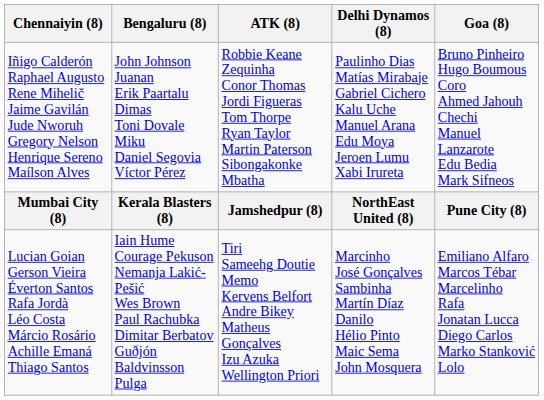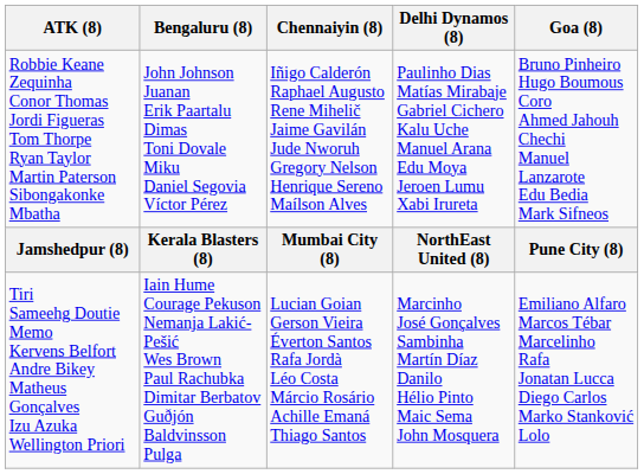 <table class="wikitable">
 <tr>
+<th style="width:170px;">ATK (8)</th>
+<th style="width:170px;">Bengaluru (8)</th>
 <th style="width:170px;">Chennaiyin (8)</th>
-<th style="width:170px;">Bengaluru (8)</th>
-<th style="width:170px;">ATK (8)</th>
 <th style="width:170px;">Delhi Dynamos (8)</th>
 <th style="width:170px;">Goa (8)</th>
 </tr>
 <tr>
+<td> <a href='#'>Robbie Keane</a><br> <a href='#'>Zequinha</a><br> <a href='#'>Conor Thomas</a><br> <a href='#'>Jordi Figueras</a><br> <a href='#'>Tom Thorpe</a><br> <a href='#'>Ryan Taylor</a><br> <a href='#'>Martin Paterson</a><br> <a href='#'>Sibongakonke Mbatha</a></td>
+<td> <a href='#'>John Johnson</a><br> <a href='#'>Juanan</a><br> <a href='#'>Erik Paartalu</a><br> <a href='#'>Dimas</a><br> <a href='#'>Toni Dovale</a><br> <a href='#'>Miku</a><br> <a href='#'>Daniel Segovia</a><br> <a href='#'>Víctor Pérez</a></td>
 <td> <a href='#'>Iñigo Calderón</a><br> <a href='#'>Raphael Augusto</a><br> <a href='#'>Rene Mihelič</a><br> <a href='#'>Jaime Gavilán</a><br> <a href='#'>Jude Nworuh</a><br> <a href='#'>Gregory Nelson</a><br> <a href='#'>Henrique Sereno</a><br> <a href='#'>Maílson Alves</a></td>
-<td> <a href='#'>John Johnson</a><br> <a href='#'>Juanan</a><br> <a href='#'>Erik Paartalu</a><br> <a href='#'>Dimas</a><br> <a href='#'>Toni Dovale</a><br> <a href='#'>Miku</a><br> <a href='#'>Daniel Segovia</a><br> <a href='#'>Víctor Pérez</a></td>
-<td> <a href='#'>Robbie Keane</a><br> <a href='#'>Zequinha</a><br> <a href='#'>Conor Thomas</a><br> <a href='#'>Jordi Figueras</a><br> <a href='#'>Tom Thorpe</a><br> <a href='#'>Ryan Taylor</a><br> <a href='#'>Martin Paterson</a><br> <a href='#'>Sibongakonke Mbatha</a></td>
 <td> <a href='#'>Paulinho Dias</a><br> <a href='#'>Matías Mirabaje</a><br> <a href='#'>Gabriel Cichero</a><br> <a href='#'>Kalu Uche</a><br> <a href='#'>Manuel Arana</a><br> <a href='#'>Edu Moya</a><br> <a href='#'>Jeroen Lumu</a><br> <a href='#'>Xabi Irureta</a></td>
 <td> <a href='#'>Bruno Pinheiro</a><br> <a href='#'>Hugo Boumous</a><br> <a href='#'>Coro</a><br> <a href='#'>Ahmed Jahouh</a><br> <a href='#'>Chechi</a><br> <a href='#'>Manuel Lanzarote</a><br> <a href='#'>Edu Bedia</a><br> <a href='#'>Mark Sifneos</a></td>
 </tr>
 <tr>
+<th style="width:170px;">Jamshedpur (8)</th>
+<th style="width:170px;">Kerala Blasters (8)</th>
 <th style="width:170px;">Mumbai City (8)</th>
-<th style="width:170px;">Kerala Blasters (8)</th>
-<th style="width:170px;">Jamshedpur (8)</th>
 <th style="width:170px;">NorthEast United (8)</th>
 <th style="width:170px;">Pune City (8)</th>
 </tr>
 <tr>
+<td> <a href='#'>Tiri</a><br> <a href='#'>Sameehg Doutie</a><br> <a href='#'>Memo</a><br>  <a href='#'>Kervens Belfort</a><br> <a href='#'>Andre Bikey</a><br> <a href='#'>Matheus Gonçalves</a><br> <a href='#'>Izu Azuka</a><br> <a href='#'>Wellington Priori</a></td>
+<td> <a href='#'>Iain Hume</a><br> <a href='#'>Courage Pekuson</a><br> <a href='#'>Nemanja Lakić-Pešić</a><br> <a href='#'>Wes Brown</a><br> <a href='#'>Paul Rachubka</a><br> <a href='#'>Dimitar Berbatov</a><br> <a href='#'>Guðjón Baldvinsson</a><br> <a href='#'>Pulga</a></td>
 <td> <a href='#'>Lucian Goian</a><br> <a href='#'>Gerson Vieira</a><br> <a href='#'>Éverton Santos</a><br> <a href='#'>Rafa Jordà</a><br> <a href='#'>Léo Costa</a><br> <a href='#'>Márcio Rosário</a><br> <a href='#'>Achille Emaná</a><br> <a href='#'>Thiago Santos</a></td>
-<td> <a href='#'>Iain Hume</a><br> <a href='#'>Courage Pekuson</a><br> <a href='#'>Nemanja Lakić-Pešić</a><br> <a href='#'>Wes Brown</a><br> <a href='#'>Paul Rachubka</a><br> <a href='#'>Dimitar Berbatov</a><br> <a href='#'>Guðjón Baldvinsson</a><br> <a href='#'>Pulga</a></td>
-<td> <a href='#'>Tiri</a><br> <a href='#'>Sameehg Doutie</a><br> <a href='#'>Memo</a><br>  <a href='#'>Kervens Belfort</a><br> <a href='#'>Andre Bikey</a><br> <a href='#'>Matheus Gonçalves</a><br> <a href='#'>Izu Azuka</a><br> <a href='#'>Wellington Priori</a></td>
 <td> <a href='#'>Marcinho</a><br> <a href='#'>José Gonçalves</a><br> <a href='#'>Sambinha</a><br> <a href='#'>Martín Díaz</a><br> <a href='#'>Danilo</a><br> <a href='#'>Hélio Pinto</a><br> <a href='#'>Maic Sema</a><br> <a href='#'>John Mosquera</a></td>
 <td> <a href='#'>Emiliano Alfaro</a><br> <a href='#'>Marcos Tébar</a><br> <a href='#'>Marcelinho</a><br> <a href='#'>Rafa</a><br> <a href='#'>Jonatan Lucca</a><br> <a href='#'>Diego Carlos</a><br> <a href='#'>Marko Stanković</a><br> <a href='#'>Lolo</a></td>
 </tr>
 </table>
